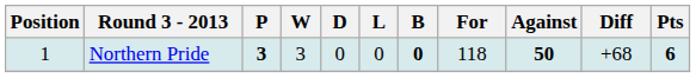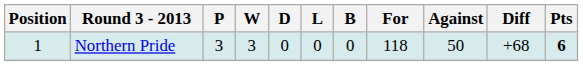 <table class="wikitable" style="text-align:center; font-size:85%;">
 <tr>
 <th width=40 abbr="Position">Position</th>
 <th width=100>Round 3 - 2013</th>
 <th width=20 abbr="Played">P</th>
 <th width=20 abbr="Won">W</th>
 <th width=20 abbr="Drawn">D</th>
 <th width=20 abbr="Lost">L</th>
 <th width=20 abbr="Bye">B</th>
 <th width=40 abbr="Points for">For</th>
 <th width=40 abbr="Points against">Against</th>
 <th width=40 abbr="Points difference">Diff</th>
 <th width=20 abbr="Points">Pts</th>
 </tr>
 <tr style="background: #d7ebed;">
 <td>1</td>
 <td style="text-align:left;"> <a href='#'>Northern Pride</a></td>
-<td><strong>3</strong></td>
+<td>3</td>
 <td>3</td>
 <td>0</td>
 <td>0</td>
-<td><strong>0</strong></td>
+<td>0</td>
 <td>118</td>
-<td><strong>50</strong></td>
+<td>50</td>
 <td>+68</td>
 <td><strong>6</strong></td>
 </tr>
 <tr>
 </tr>
 </table>
